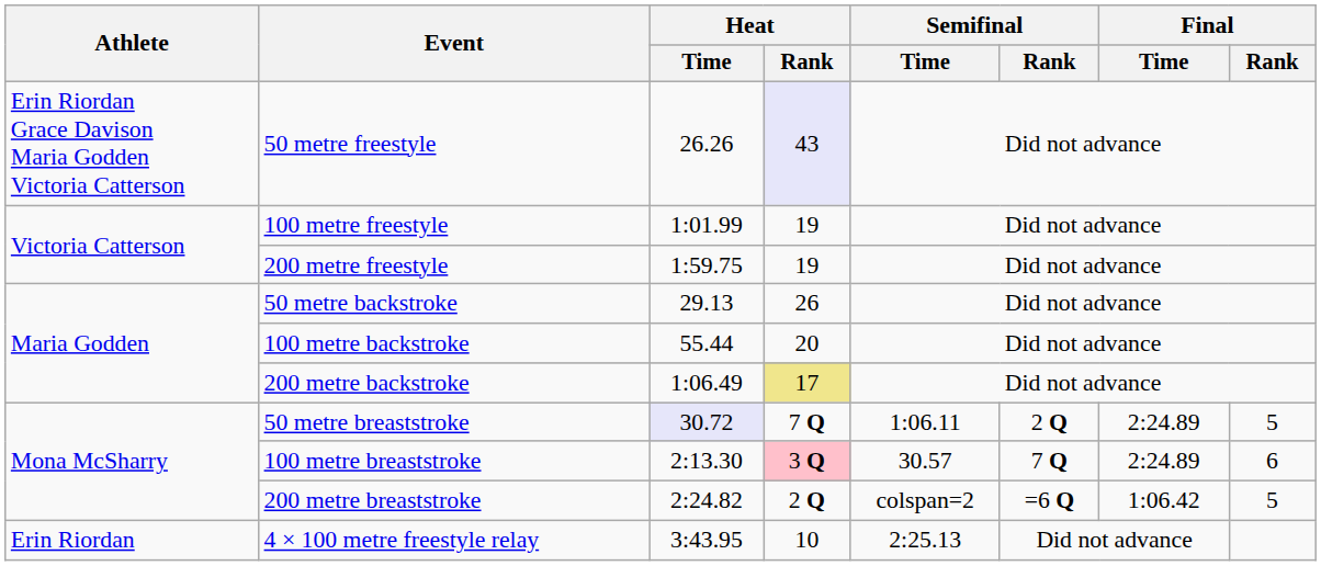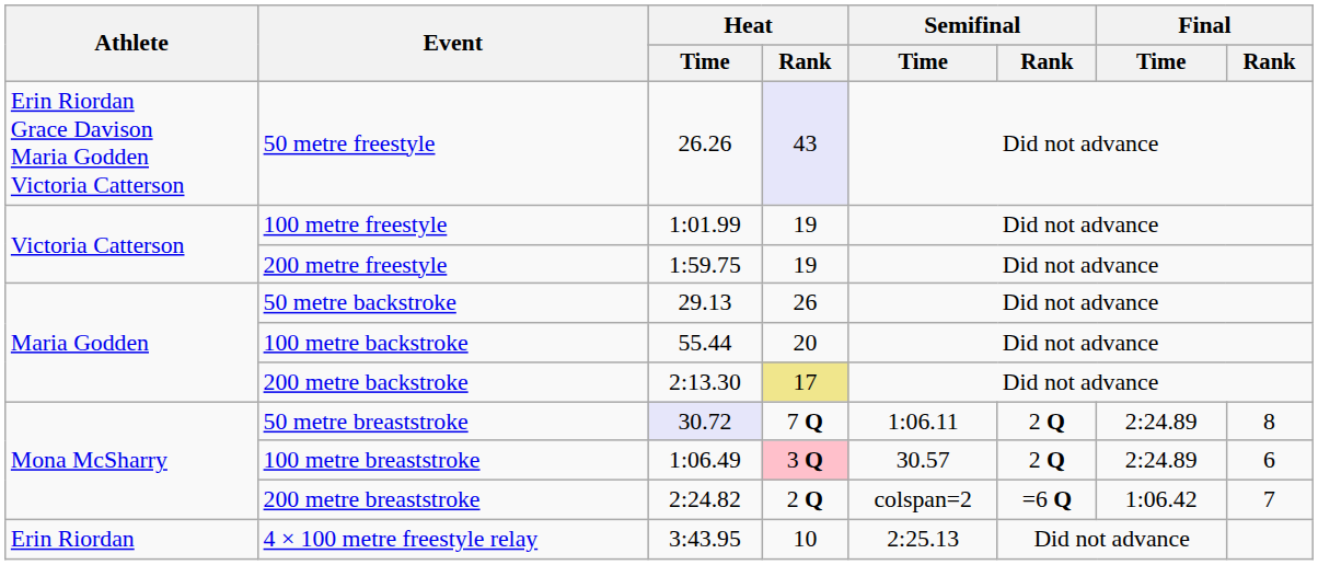 <table class="wikitable" style="text-align:center; font-size:90%; width:50%;">
 <tr>
 <th rowspan="2">Athlete</th>
 <th rowspan="2">Event</th>
 <th colspan="2">Heat</th>
 <th colspan="2">Semifinal</th>
 <th colspan="2">Final</th>
 </tr>
 <tr style="font-size:95%">
 <th>Time</th>
 <th>Rank</th>
 <th>Time</th>
 <th>Rank</th>
 <th>Time</th>
 <th>Rank</th>
 </tr>
 <tr>
 <td align=left><a href='#'>Erin Riordan</a><br><a href='#'>Grace Davison</a><br><a href='#'>Maria Godden</a><br><a href='#'>Victoria Catterson</a></td>
 <td align=left><a href='#'>50 metre freestyle</a></td>
 <td>26.26</td>
 <td style="background: lavender;">43</td>
 <td colspan=4>Did not advance</td>
 </tr>
 <tr>
 <td align=left rowspan=2><a href='#'>Victoria Catterson</a></td>
 <td align=left><a href='#'>100 metre freestyle</a></td>
 <td>1:01.99</td>
 <td>19</td>
 <td colspan=4>Did not advance</td>
 </tr>
 <tr>
 <td align=left><a href='#'>200 metre freestyle</a></td>
 <td>1:59.75</td>
 <td>19</td>
 <td colspan=4>Did not advance</td>
 </tr>
 <tr>
 <td align=left rowspan=3><a href='#'>Maria Godden</a></td>
 <td align=left><a href='#'>50 metre backstroke</a></td>
 <td>29.13</td>
 <td>26</td>
 <td colspan=4>Did not advance</td>
 </tr>
 <tr>
 <td align=left><a href='#'>100 metre backstroke</a></td>
 <td>55.44</td>
 <td>20</td>
 <td colspan=4>Did not advance</td>
 </tr>
 <tr>
 <td align=left><a href='#'>200 metre backstroke</a></td>
-<td>1:06.49</td>
+<td>2:13.30</td>
 <td style="background: khaki;">17</td>
 <td colspan=4>Did not advance</td>
 </tr>
 <tr>
 <td align=left rowspan=3><a href='#'>Mona McSharry</a></td>
 <td align=left><a href='#'>50 metre breaststroke</a></td>
 <td style="background: lavender;">30.72</td>
 <td>7 <strong>Q</strong></td>
 <td>1:06.11</td>
 <td>2  <strong>Q</strong></td>
 <td>2:24.89</td>
-<td>5</td>
+<td>8</td>
 </tr>
 <tr>
 <td align=left><a href='#'>100 metre breaststroke</a></td>
-<td>2:13.30</td>
+<td>1:06.49</td>
 <td style="background: pink;">3 <strong>Q</strong></td>
 <td>30.57</td>
-<td>7 <strong>Q</strong></td>
+<td>2  <strong>Q</strong></td>
 <td>2:24.89</td>
 <td>6</td>
 </tr>
 <tr>
 <td align=left><a href='#'>200 metre breaststroke</a></td>
 <td>2:24.82</td>
 <td>2 <strong>Q</strong></td>
 <td>colspan=2 </td>
 <td>=6 <strong>Q</strong></td>
 <td>1:06.42</td>
-<td>5</td>
+<td>7</td>
 </tr>
 <tr>
 <td align=left><a href='#'>Erin Riordan</a></td>
 <td align=left><a href='#'>4 × 100 metre freestyle relay</a></td>
 <td>3:43.95</td>
 <td>10</td>
 <td>2:25.13</td>
 <td colspan=2>Did not advance</td>
 </tr>
 </table>
